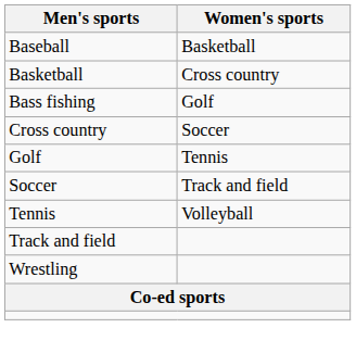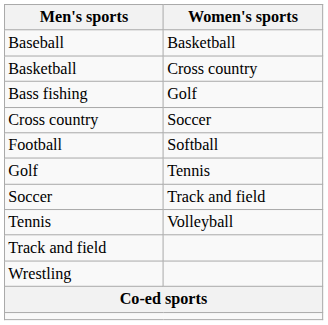 <table class="wikitable"; style= "text-align: ">
 <tr>
 <th width=150px>Men's sports</th>
 <th width=150px>Women's sports</th>
 </tr>
 <tr>
 <td>Baseball</td>
 <td>Basketball</td>
 </tr>
 <tr>
 <td>Basketball</td>
 <td>Cross country</td>
 </tr>
 <tr>
 <td>Bass fishing</td>
 <td>Golf</td>
 </tr>
 <tr>
 <td>Cross country</td>
 <td>Soccer</td>
+</tr>
+<tr>
+<td>Football</td>
+<td>Softball</td>
 </tr>
 <tr>
 <td>Golf</td>
 <td>Tennis</td>
 </tr>
 <tr>
 <td>Soccer</td>
 <td>Track and field</td>
 </tr>
 <tr>
 <td>Tennis</td>
 <td>Volleyball</td>
 </tr>
 <tr>
 <td>Track and field</td>
 <td></td>
 </tr>
 <tr>
 <td>Wrestling</td>
 <td></td>
 </tr>
 <tr>
 <th colspan=2>Co-ed sports</th>
 </tr>
 <tr>
 <td colspan=2></td>
 </tr>
 </table>
